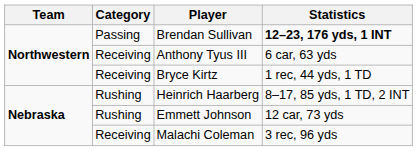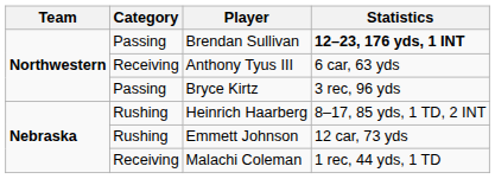 <table class="wikitable" style="float: right;">
 <tr>
 <th>Team</th>
 <th>Category</th>
 <th>Player</th>
 <th>Statistics</th>
 </tr>
 <tr>
 <td rowspan=3><strong>Northwestern</strong></td>
 <td>Passing</td>
 <td>Brendan Sullivan</td>
 <td><strong>12–23, 176 yds, 1 INT</strong></td>
 </tr>
 <tr>
 <td>Receiving</td>
 <td>Anthony Tyus III</td>
 <td>6 car, 63 yds</td>
 </tr>
 <tr>
-<td>Receiving</td>
+<td>Passing</td>
 <td>Bryce Kirtz</td>
-<td>1 rec, 44 yds, 1 TD</td>
+<td>3 rec, 96 yds</td>
 </tr>
 <tr>
 <td rowspan=3><strong>Nebraska</strong></td>
 <td>Rushing</td>
 <td>Heinrich Haarberg</td>
 <td>8–17, 85 yds, 1 TD, 2 INT</td>
 </tr>
 <tr>
 <td>Rushing</td>
 <td>Emmett Johnson</td>
 <td>12 car, 73 yds</td>
 </tr>
 <tr>
 <td>Receiving</td>
 <td>Malachi Coleman</td>
-<td>3 rec, 96 yds</td>
+<td>1 rec, 44 yds, 1 TD</td>
 </tr>
 </table>
